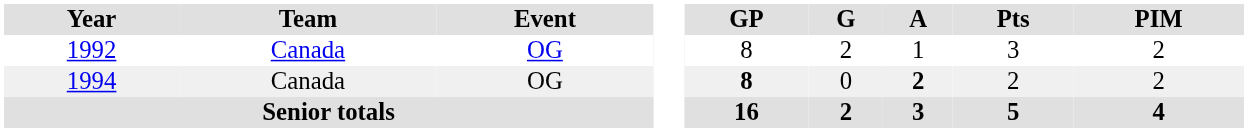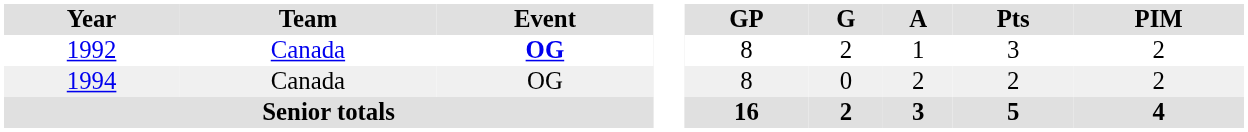 <table border="0" cellpadding="1" cellspacing="0" style="text-align:center; width:50em">
 <tr ALIGN="center" bgcolor="#e0e0e0">
 <th>Year</th>
 <th>Team</th>
 <th>Event</th>
 <th rowspan="99" bgcolor="#ffffff"> </th>
 <th>GP</th>
 <th>G</th>
 <th>A</th>
 <th>Pts</th>
 <th>PIM</th>
 </tr>
 <tr>
 <td><a href='#'>1992</a></td>
 <td><a href='#'>Canada</a></td>
-<td><a href='#'>OG</a></td>
+<td><strong><a href='#'>OG</a></strong></td>
 <td>8</td>
 <td>2</td>
 <td>1</td>
 <td>3</td>
 <td>2</td>
 </tr>
 <tr bgcolor="#f0f0f0">
 <td><a href='#'>1994</a></td>
 <td>Canada</td>
 <td>OG</td>
-<td><strong>8</strong></td>
+<td>8</td>
 <td>0</td>
-<td><strong>2</strong></td>
+<td>2</td>
 <td>2</td>
 <td>2</td>
 </tr>
 <tr bgcolor="#e0e0e0">
 <th colspan="3">Senior totals</th>
 <th>16</th>
 <th>2</th>
 <th>3</th>
 <th>5</th>
 <th>4</th>
 </tr>
 </table>
